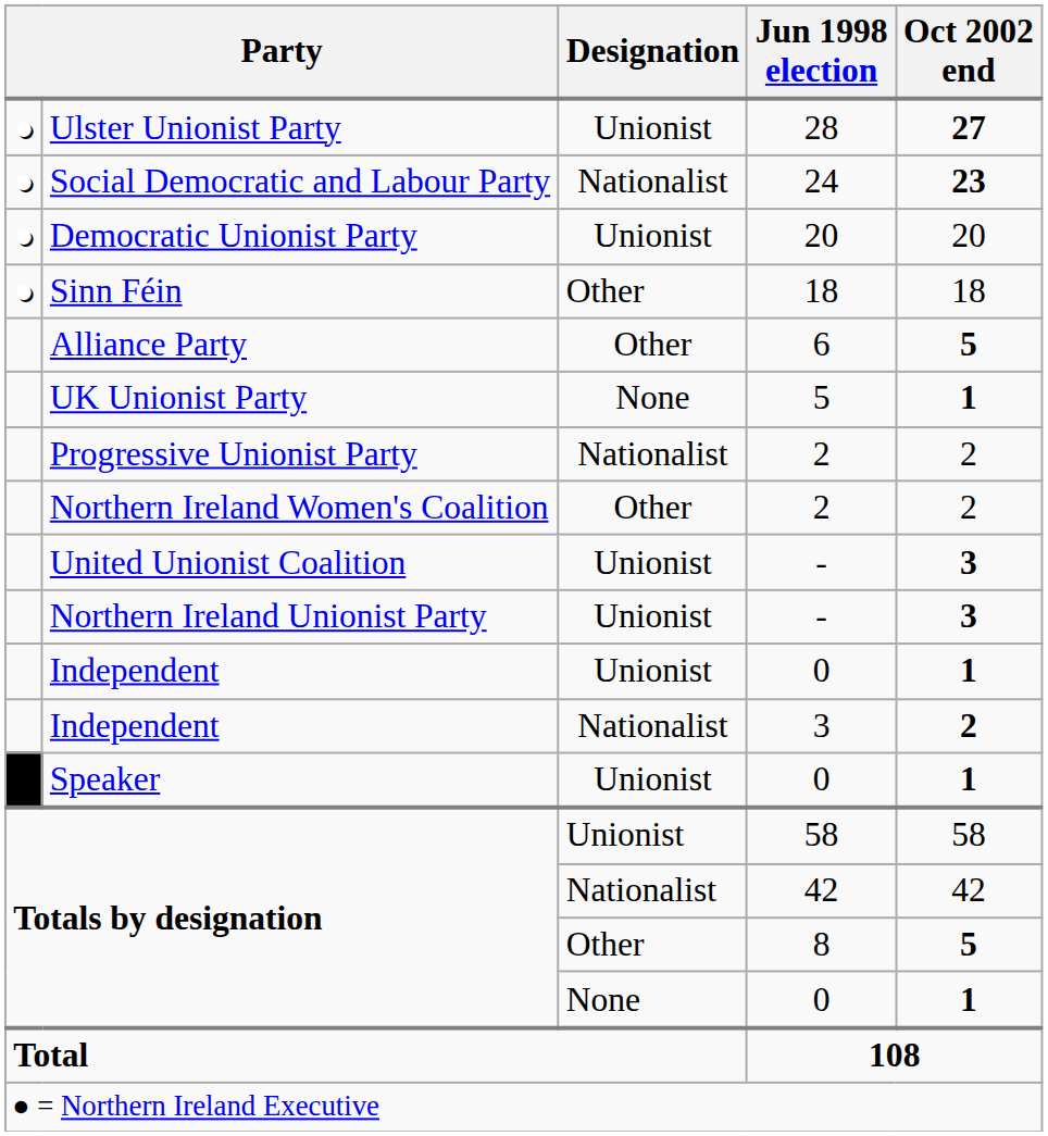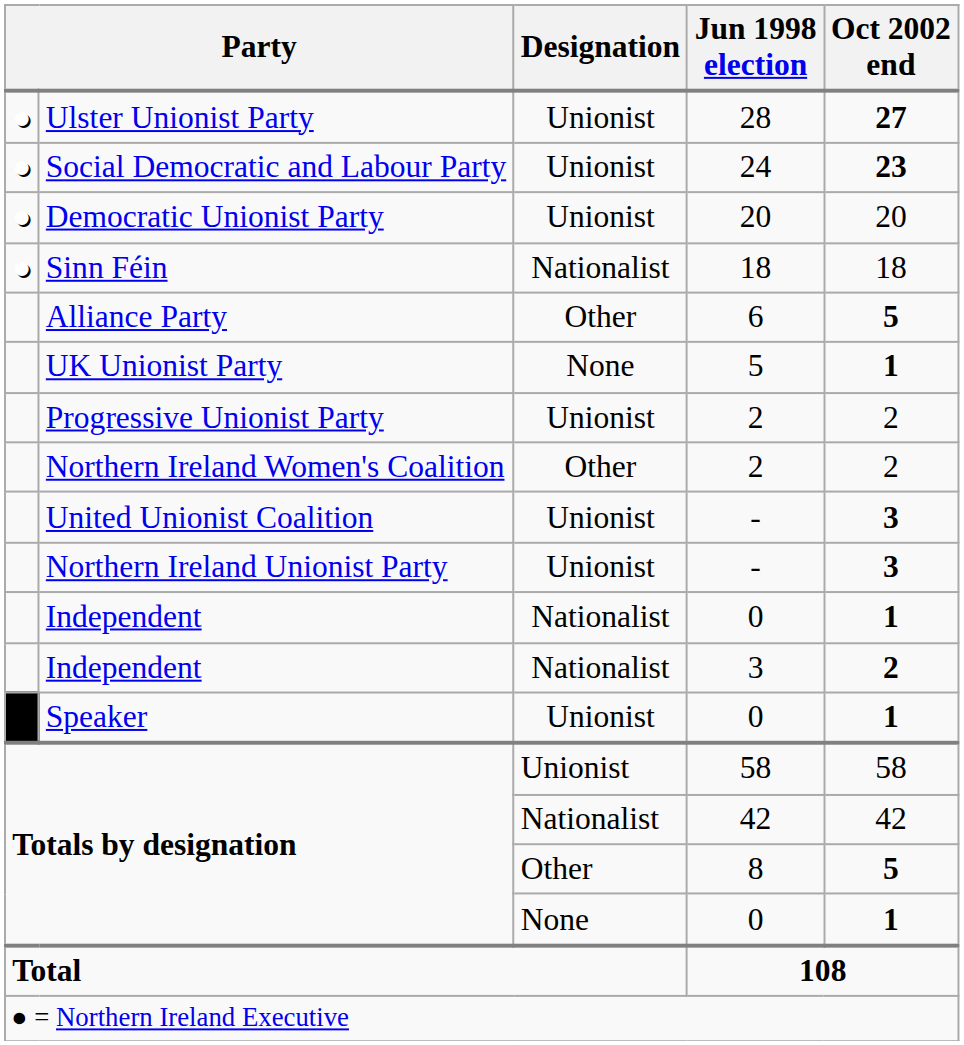 <table class="wikitable">
 <tr style="border-bottom: 2px solid gray;">
 <th colspan="2">Party</th>
 <th>Designation</th>
 <th>Jun 1998<br><a href='#'>election</a></th>
 <th>Oct 2002<br>end</th>
 </tr>
 <tr>
 <td style="color:white; text-shadow: 1px 1px 0 black; background:">●</td>
 <td><a href='#'>Ulster Unionist Party</a></td>
 <td align="center">Unionist</td>
 <td align="center">28</td>
 <td align="center"><strong>27</strong></td>
 </tr>
 <tr>
 <td style="color:white; text-shadow: 1px 1px 0 black; background:">●</td>
 <td><a href='#'>Social Democratic and Labour Party</a></td>
-<td align="center">Nationalist</td>
+<td align="center">Unionist</td>
 <td align="center">24</td>
 <td align="center"><strong>23</strong></td>
 </tr>
 <tr>
 <td style="color:white; text-shadow: 1px 1px 0 black; background:">●</td>
 <td><a href='#'>Democratic Unionist Party</a></td>
 <td align="center">Unionist</td>
 <td align="center">20</td>
 <td align="center">20</td>
 </tr>
 <tr>
 <td style="color:white; text-shadow: 1px 1px 0 black; background:">●</td>
 <td><a href='#'>Sinn Féin</a></td>
-<td>Other</td>
+<td align="center">Nationalist</td>
 <td align="center">18</td>
 <td align="center">18</td>
 </tr>
 <tr>
 <td style="color:white; text-shadow: 1px 1px 0 black; background:"> </td>
 <td><a href='#'>Alliance Party</a></td>
 <td align="center">Other</td>
 <td align="center">6</td>
 <td align="center"><strong>5</strong></td>
 </tr>
 <tr>
 <td> </td>
 <td><a href='#'>UK Unionist Party</a></td>
 <td align="center">None</td>
 <td align="center">5</td>
 <td align="center"><strong>1</strong></td>
 </tr>
 <tr>
 <td> </td>
 <td><a href='#'>Progressive Unionist Party</a></td>
-<td align="center">Nationalist</td>
+<td align="center">Unionist</td>
 <td align="center">2</td>
 <td align="center">2</td>
 </tr>
 <tr>
 <td> </td>
 <td><a href='#'>Northern Ireland Women's Coalition</a></td>
 <td align="center">Other</td>
 <td align="center">2</td>
 <td align="center">2</td>
 </tr>
 <tr>
 <td></td>
 <td><a href='#'>United Unionist Coalition</a></td>
 <td align="center">Unionist</td>
 <td align="center">-</td>
 <td align="center"><strong>3</strong></td>
 </tr>
 <tr>
 <td></td>
 <td><a href='#'>Northern Ireland Unionist Party</a></td>
 <td align="center">Unionist</td>
 <td align="center">-</td>
 <td align="center"><strong>3</strong></td>
 </tr>
 <tr>
 <td> </td>
 <td><a href='#'>Independent</a></td>
-<td align="center">Unionist</td>
+<td align="center">Nationalist</td>
 <td align="center">0</td>
 <td align="center"><strong>1</strong></td>
 </tr>
 <tr>
 <td> </td>
 <td><a href='#'>Independent</a></td>
 <td align="center">Nationalist</td>
 <td align="center">3</td>
 <td align="center"><strong>2</strong></td>
 </tr>
 <tr>
 <td bgcolor="#000000"> </td>
 <td><a href='#'>Speaker</a></td>
 <td align="center">Unionist</td>
 <td align="center">0</td>
 <td align="center"><strong>1</strong></td>
 </tr>
 <tr style="border-top: 2px solid gray;">
 <td colspan="2" rowspan="4"><strong>Totals by designation</strong></td>
 <td>Unionist</td>
 <td align="center">58</td>
 <td align="center">58</td>
 </tr>
 <tr>
 <td>Nationalist</td>
 <td align="center">42</td>
 <td align="center">42</td>
 </tr>
 <tr>
 <td>Other</td>
 <td align="center">8</td>
 <td align="center"><strong>5</strong></td>
 </tr>
 <tr style="border-bottom: 2px solid gray;">
 <td>None</td>
 <td align="center">0</td>
 <td align="center"><strong>1</strong></td>
 </tr>
 <tr>
 <td colspan="3"><strong>Total</strong></td>
 <td align="center" colspan="2"><strong>108</strong></td>
 </tr>
 <tr>
 <td colspan="5" style="font-size:85%;">● = <a href='#'>Northern Ireland Executive</a></td>
 </tr>
 </table>
